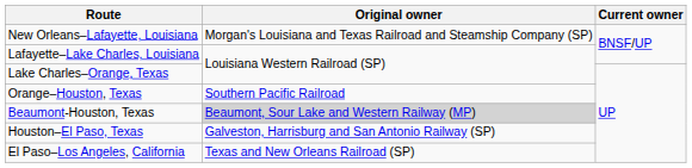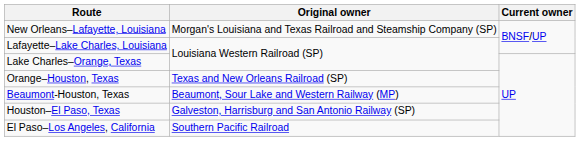 <table class="wikitable sortable">
 <tr>
 <th class="unsortable">Route</th>
 <th>Original owner</th>
 <th>Current owner</th>
 </tr>
 <tr>
 <td>New Orleans–<a href='#'>Lafayette, Louisiana</a></td>
 <td>Morgan's Louisiana and Texas Railroad and Steamship Company (SP)</td>
 <td rowspan=2><a href='#'>BNSF</a>/<a href='#'>UP</a></td>
 </tr>
 <tr>
 <td>Lafayette–<a href='#'>Lake Charles, Louisiana</a></td>
 <td rowspan=2>Louisiana Western Railroad (SP)</td>
 </tr>
 <tr>
 <td>Lake Charles–<a href='#'>Orange, Texas</a></td>
 <td rowspan=5><a href='#'>UP</a></td>
 </tr>
 <tr>
 <td>Orange–<a href='#'>Houston</a>, <a href='#'>Texas</a></td>
-<td><a href='#'>Southern Pacific Railroad</a></td>
+<td><a href='#'>Texas and New Orleans Railroad</a> (SP)</td>
 </tr>
 <tr>
 <td><a href='#'>Beaumont</a>-Houston, Texas</td>
-<td style="background: lightgrey;"><a href='#'>Beaumont, Sour Lake and Western Railway</a> (<a href='#'>MP</a>)</td>
+<td><a href='#'>Beaumont, Sour Lake and Western Railway</a> (<a href='#'>MP</a>)</td>
 </tr>
 <tr>
 <td>Houston–<a href='#'>El Paso, Texas</a></td>
 <td><a href='#'>Galveston, Harrisburg and San Antonio Railway</a> (SP)</td>
 </tr>
 <tr>
 <td>El Paso–<a href='#'>Los Angeles</a>, <a href='#'>California</a></td>
-<td><a href='#'>Texas and New Orleans Railroad</a> (SP)</td>
+<td><a href='#'>Southern Pacific Railroad</a></td>
 </tr>
 </table>
